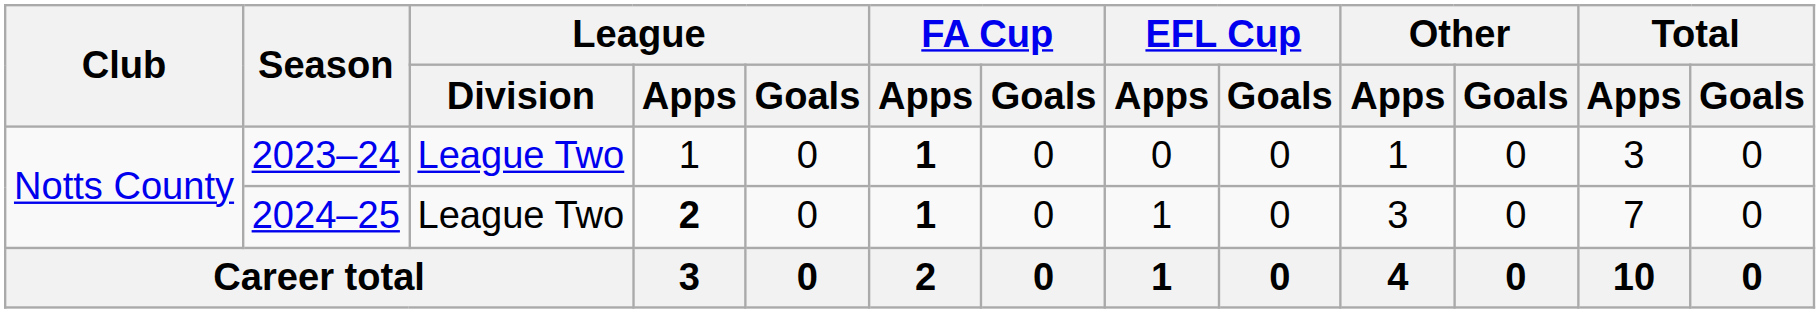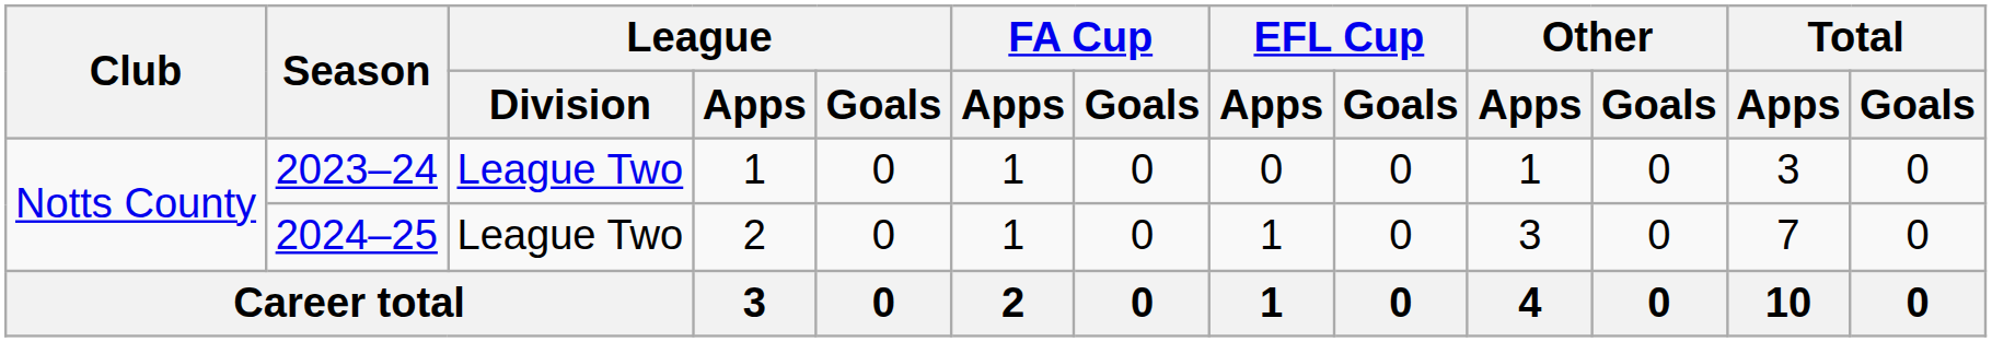 <table class=wikitable style=text-align:center>
 <tr>
 <th rowspan=2>Club</th>
 <th rowspan=2>Season</th>
 <th colspan=3>League</th>
 <th colspan=2><a href='#'>FA Cup</a></th>
 <th colspan=2><a href='#'>EFL Cup</a></th>
 <th colspan=2>Other</th>
 <th colspan=2>Total</th>
 </tr>
 <tr>
 <th>Division</th>
 <th>Apps</th>
 <th>Goals</th>
 <th>Apps</th>
 <th>Goals</th>
 <th>Apps</th>
 <th>Goals</th>
 <th>Apps</th>
 <th>Goals</th>
 <th>Apps</th>
 <th>Goals</th>
 </tr>
 <tr>
 <td rowspan=2><a href='#'>Notts County</a></td>
 <td><a href='#'>2023–24</a></td>
 <td><a href='#'>League Two</a></td>
 <td>1</td>
 <td>0</td>
-<td><strong>1</strong></td>
+<td>1</td>
 <td>0</td>
 <td>0</td>
 <td>0</td>
 <td>1</td>
 <td>0</td>
 <td>3</td>
 <td>0</td>
 </tr>
 <tr>
 <td><a href='#'>2024–25</a></td>
 <td>League Two</td>
-<td><strong>2</strong></td>
+<td>2</td>
 <td>0</td>
-<td><strong>1</strong></td>
+<td>1</td>
 <td>0</td>
 <td>1</td>
 <td>0</td>
 <td>3</td>
 <td>0</td>
 <td>7</td>
 <td>0</td>
 </tr>
 <tr>
 <th colspan=3>Career total</th>
 <th>3</th>
 <th>0</th>
 <th>2</th>
 <th>0</th>
 <th>1</th>
 <th>0</th>
 <th>4</th>
 <th>0</th>
 <th>10</th>
 <th>0</th>
 </tr>
 </table>
